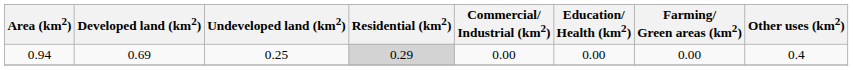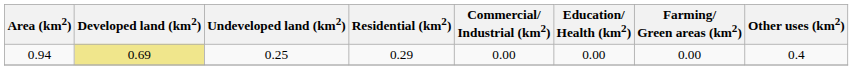 <table class="wikitable" style="text-align: center;">
 <tr>
 <th>Area (km<sup>2</sup>)</th>
 <th>Developed land (km<sup>2</sup>)</th>
 <th>Undeveloped land (km<sup>2</sup>)</th>
 <th>Residential (km<sup>2</sup>)</th>
 <th>Commercial/<br> Industrial (km<sup>2</sup>)</th>
 <th>Education/<br> Health (km<sup>2</sup>)</th>
 <th>Farming/<br> Green areas (km<sup>2</sup>)</th>
 <th>Other uses (km<sup>2</sup>)</th>
 </tr>
 <tr>
 <td>0.94</td>
-<td>0.69</td>
+<td style="background: khaki;">0.69</td>
 <td>0.25</td>
-<td style="background: lightgrey;">0.29</td>
+<td>0.29</td>
 <td>0.00</td>
 <td>0.00</td>
 <td>0.00</td>
 <td>0.4</td>
 </tr>
 <tr>
 </tr>
 </table>
